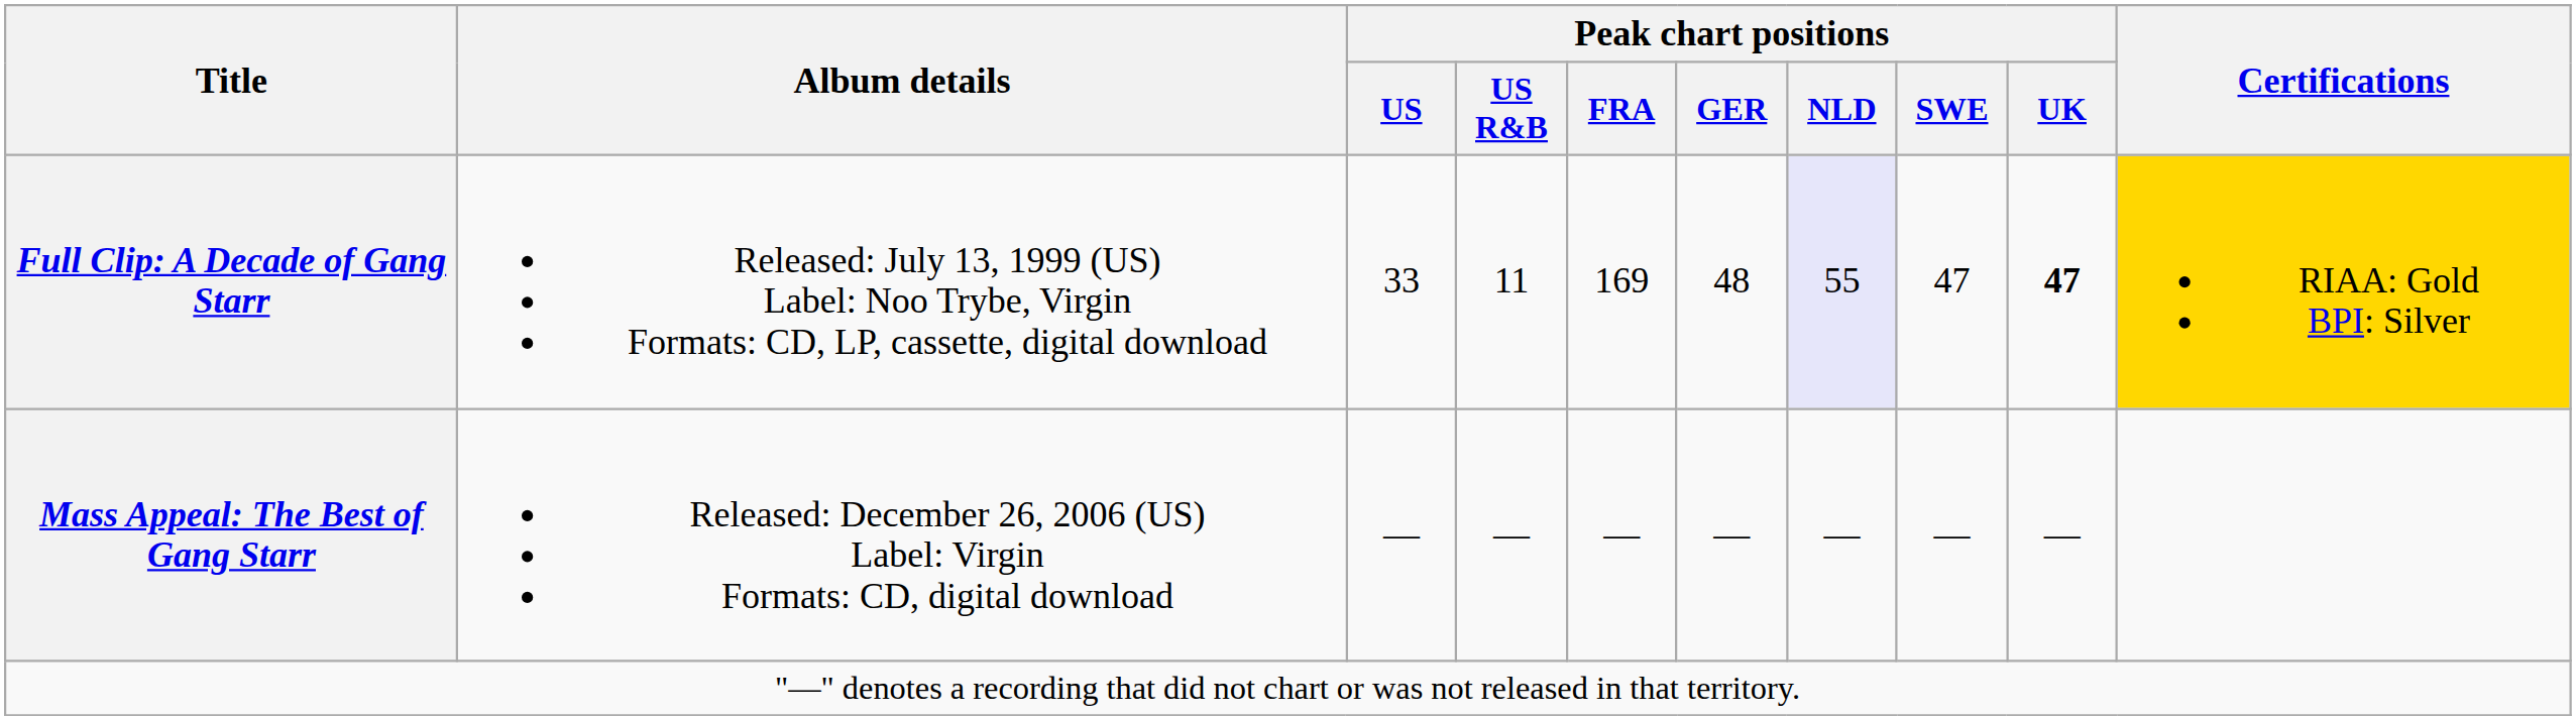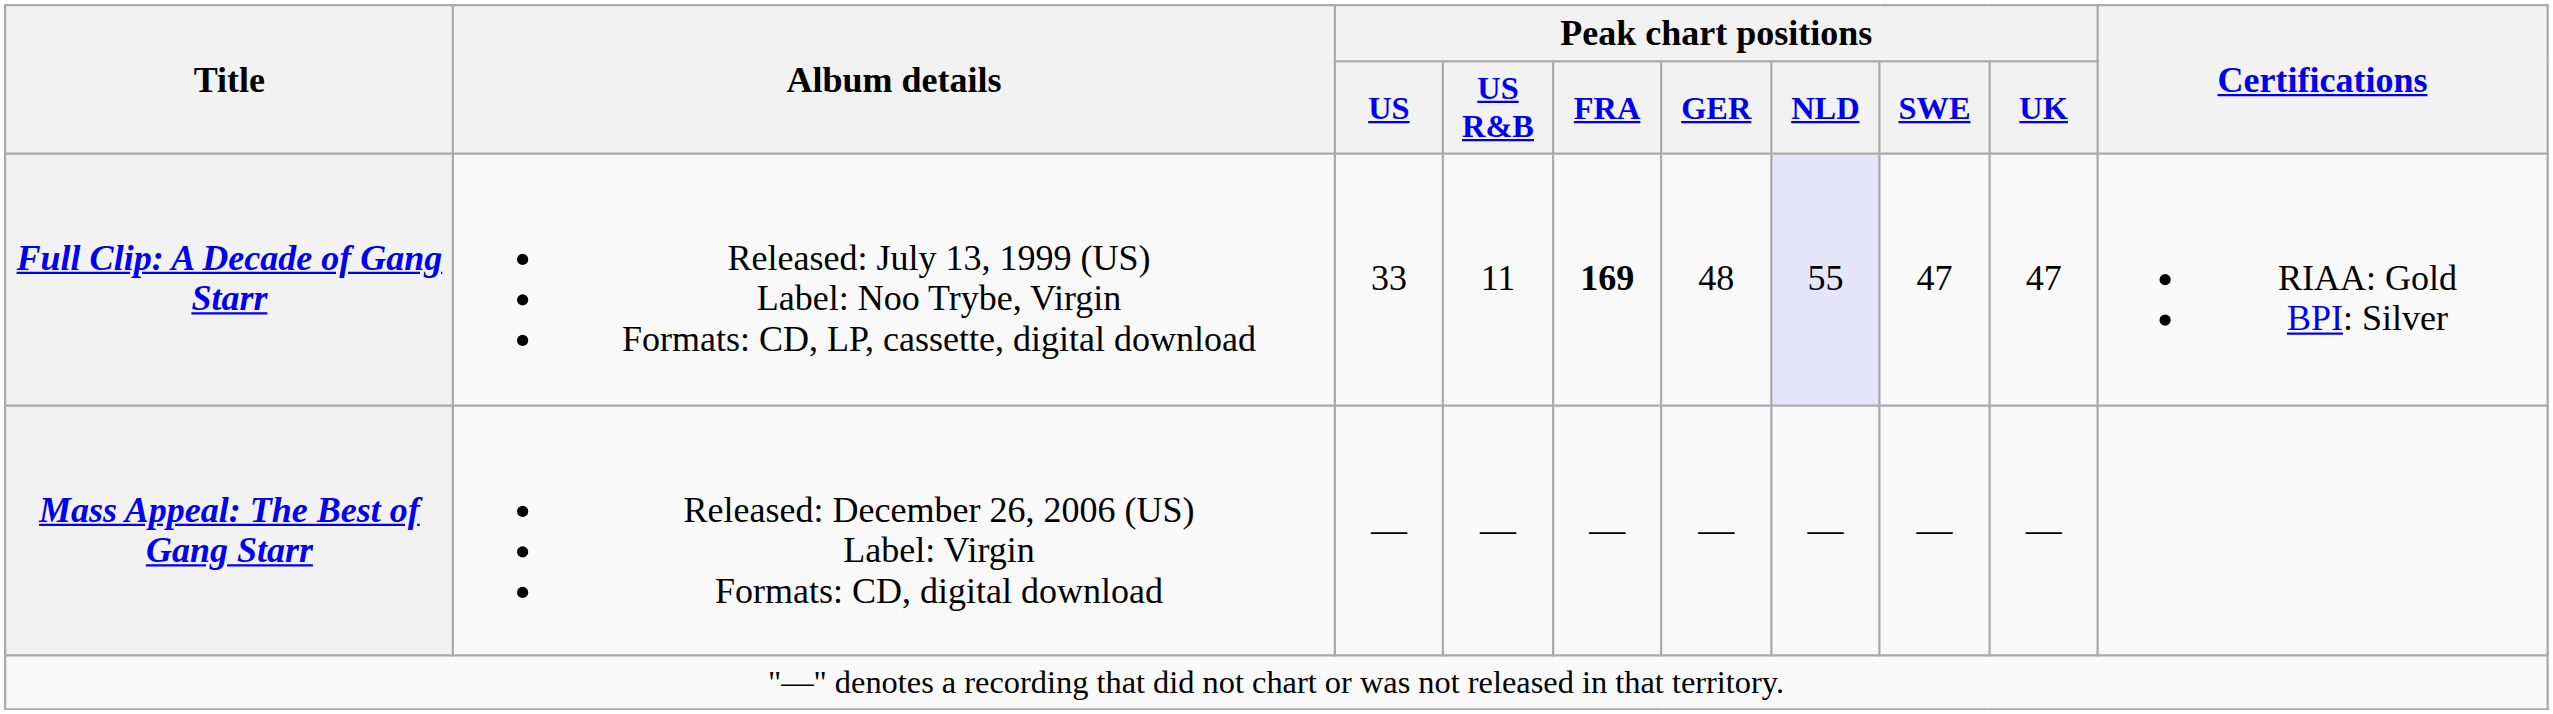 <table class="wikitable plainrowheaders" style="text-align:center;" border="1">
 <tr>
 <th scope="col" rowspan="2" style="width:12em;">Title</th>
 <th scope="col" rowspan="2" style="width:24em;">Album details</th>
 <th scope="col" colspan="7">Peak chart positions</th>
 <th scope="col" rowspan="2" style="width:12em;"><a href='#'>Certifications</a></th>
 </tr>
 <tr>
 <th scope="col" style="width:2.9em;font-size:90%;"><a href='#'>US</a><br></th>
 <th scope="col" style="width:2.9em;font-size:90%;"><a href='#'>US<br>R&B</a><br></th>
 <th scope="col" style="width:2.9em;font-size:90%;"><a href='#'>FRA</a><br></th>
 <th scope="col" style="width:2.9em;font-size:90%;"><a href='#'>GER</a><br></th>
 <th scope="col" style="width:2.9em;font-size:90%;"><a href='#'>NLD</a><br></th>
 <th scope="col" style="width:2.9em;font-size:90%;"><a href='#'>SWE</a><br></th>
 <th scope="col" style="width:2.9em;font-size:90%;"><a href='#'>UK</a><br></th>
 </tr>
 <tr>
 <th scope="row"><em><a href='#'>Full Clip: A Decade of Gang Starr</a></em></th>
 <td><br><ul><li>Released: July 13, 1999 <span>(US)</span></li><li>Label: Noo Trybe, Virgin</li><li>Formats: CD, LP, cassette, digital download</li></ul></td>
 <td>33</td>
 <td>11</td>
-<td>169</td>
+<td><strong>169</strong></td>
 <td>48</td>
 <td style="background: lavender;">55</td>
 <td>47</td>
-<td><strong>47</strong></td>
-<td style="background: gold;"><br><ul><li>RIAA: Gold</li><li><a href='#'>BPI</a>: Silver</li></ul></td>
+<td>47</td>
+<td><br><ul><li>RIAA: Gold</li><li><a href='#'>BPI</a>: Silver</li></ul></td>
 </tr>
 <tr>
 <th scope="row"><em><a href='#'>Mass Appeal: The Best of Gang Starr</a></em></th>
 <td><br><ul><li>Released: December 26, 2006 <span>(US)</span></li><li>Label: Virgin</li><li>Formats: CD, digital download</li></ul></td>
 <td>—</td>
 <td>—</td>
 <td>—</td>
 <td>—</td>
 <td>—</td>
 <td>—</td>
 <td>—</td>
 <td></td>
 </tr>
 <tr>
 <td colspan="14" style="font-size:90%">"—" denotes a recording that did not chart or was not released in that territory.</td>
 </tr>
 </table>
